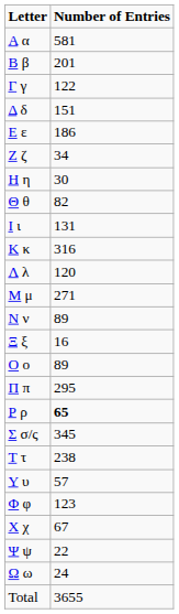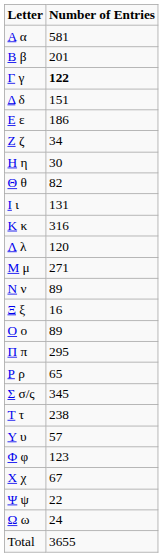 <table class="wikitable sortable">
 <tr>
 <td><strong>Letter</strong></td>
 <td><strong>Number of Entries</strong></td>
 </tr>
 <tr>
 <td><a href='#'>Α</a> α</td>
 <td>581</td>
 </tr>
 <tr>
 <td><a href='#'>Β</a> β</td>
 <td>201</td>
 </tr>
 <tr>
 <td><a href='#'>Γ</a> γ</td>
-<td>122</td>
+<td><strong>122</strong></td>
 </tr>
 <tr>
 <td><a href='#'>Δ</a> δ</td>
 <td>151</td>
 </tr>
 <tr>
 <td><a href='#'>Ε</a> ε</td>
 <td>186</td>
 </tr>
 <tr>
 <td><a href='#'>Ζ</a> ζ</td>
 <td>34</td>
 </tr>
 <tr>
 <td><a href='#'>Η</a> η</td>
 <td>30</td>
 </tr>
 <tr>
 <td><a href='#'>Θ</a> θ</td>
 <td>82</td>
 </tr>
 <tr>
 <td><a href='#'>Ι</a> ι</td>
 <td>131</td>
 </tr>
 <tr>
 <td><a href='#'>Κ</a> κ</td>
 <td>316</td>
 </tr>
 <tr>
 <td><a href='#'>Λ</a> λ</td>
 <td>120</td>
 </tr>
 <tr>
 <td><a href='#'>Μ</a> μ</td>
 <td>271</td>
 </tr>
 <tr>
 <td><a href='#'>Ν</a> ν</td>
 <td>89</td>
 </tr>
 <tr>
 <td><a href='#'>Ξ</a> ξ</td>
 <td>16</td>
 </tr>
 <tr>
 <td><a href='#'>Ο</a> ο</td>
 <td>89</td>
 </tr>
 <tr>
 <td><a href='#'>Π</a> π</td>
 <td>295</td>
 </tr>
 <tr>
 <td><a href='#'>Ρ</a> ρ</td>
-<td><strong>65</strong></td>
+<td>65</td>
 </tr>
 <tr>
 <td><a href='#'>Σ</a> σ/ς</td>
 <td>345</td>
 </tr>
 <tr>
 <td><a href='#'>Τ</a> τ</td>
 <td>238</td>
 </tr>
 <tr>
 <td><a href='#'>Υ</a> υ</td>
 <td>57</td>
 </tr>
 <tr>
 <td><a href='#'>Φ</a> φ</td>
 <td>123</td>
 </tr>
 <tr>
 <td><a href='#'>Χ</a> χ</td>
 <td>67</td>
 </tr>
 <tr>
 <td><a href='#'>Ψ</a> ψ</td>
 <td>22</td>
 </tr>
 <tr>
 <td><a href='#'>Ω</a> ω</td>
 <td>24</td>
 </tr>
 <tr>
 <td>Total</td>
 <td>3655</td>
 </tr>
 </table>
